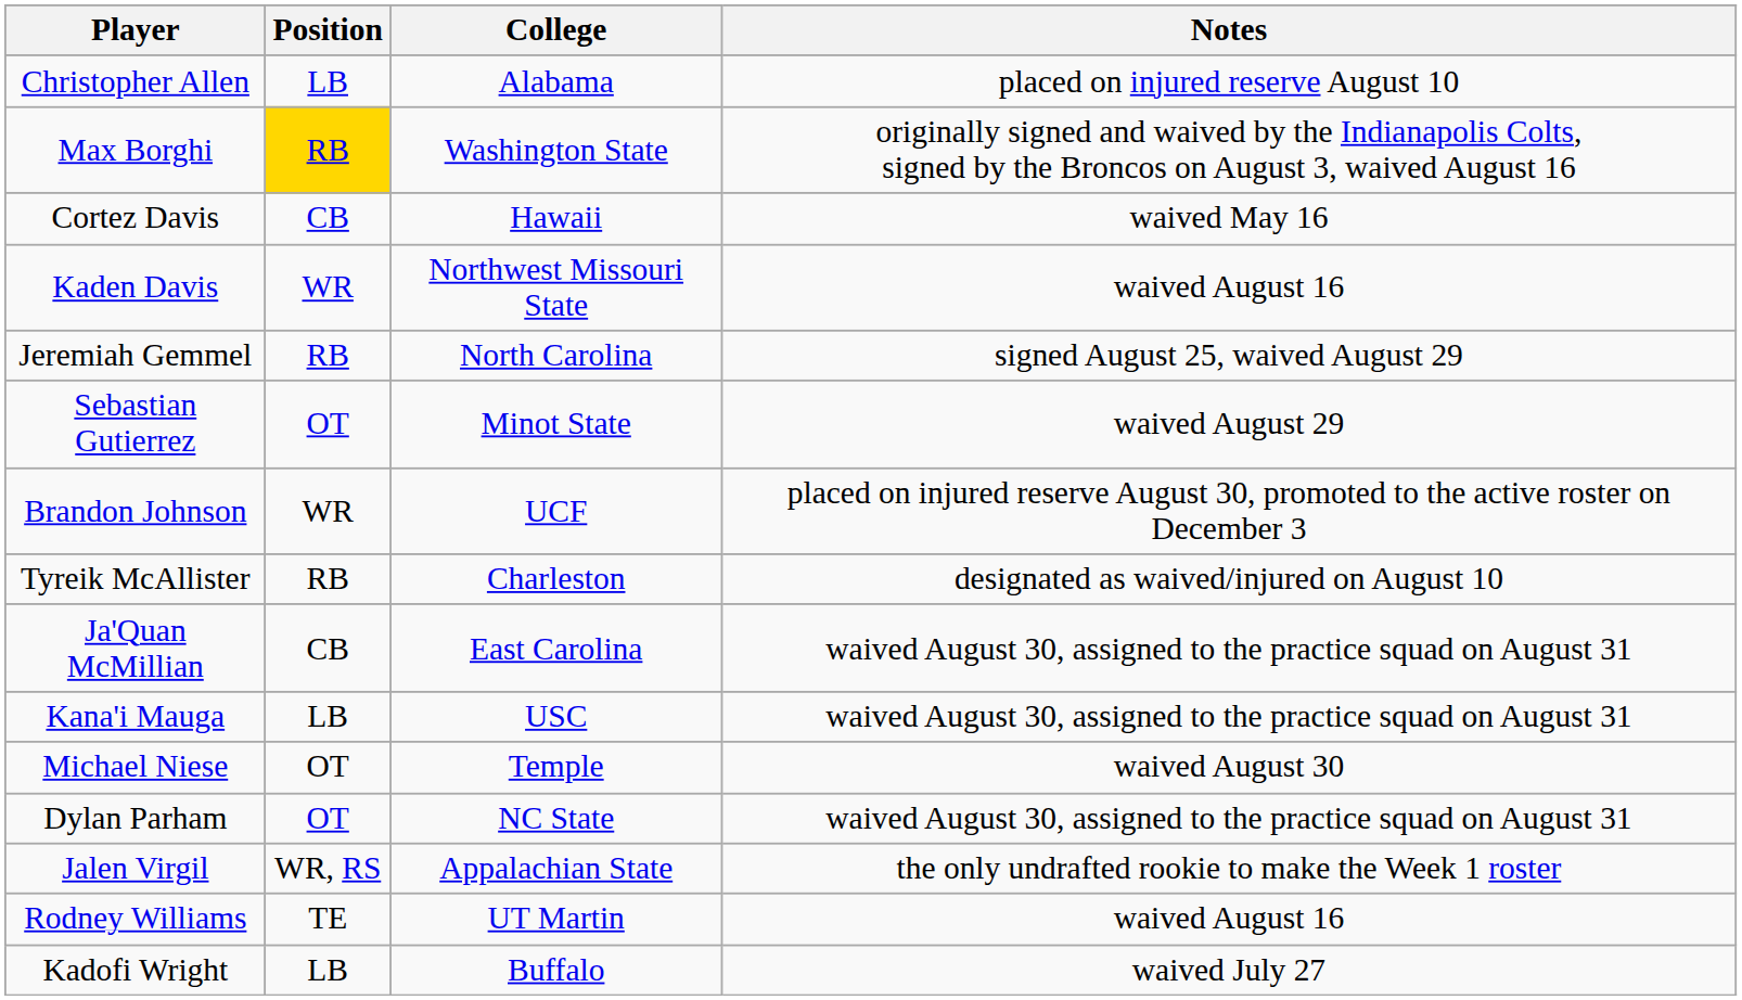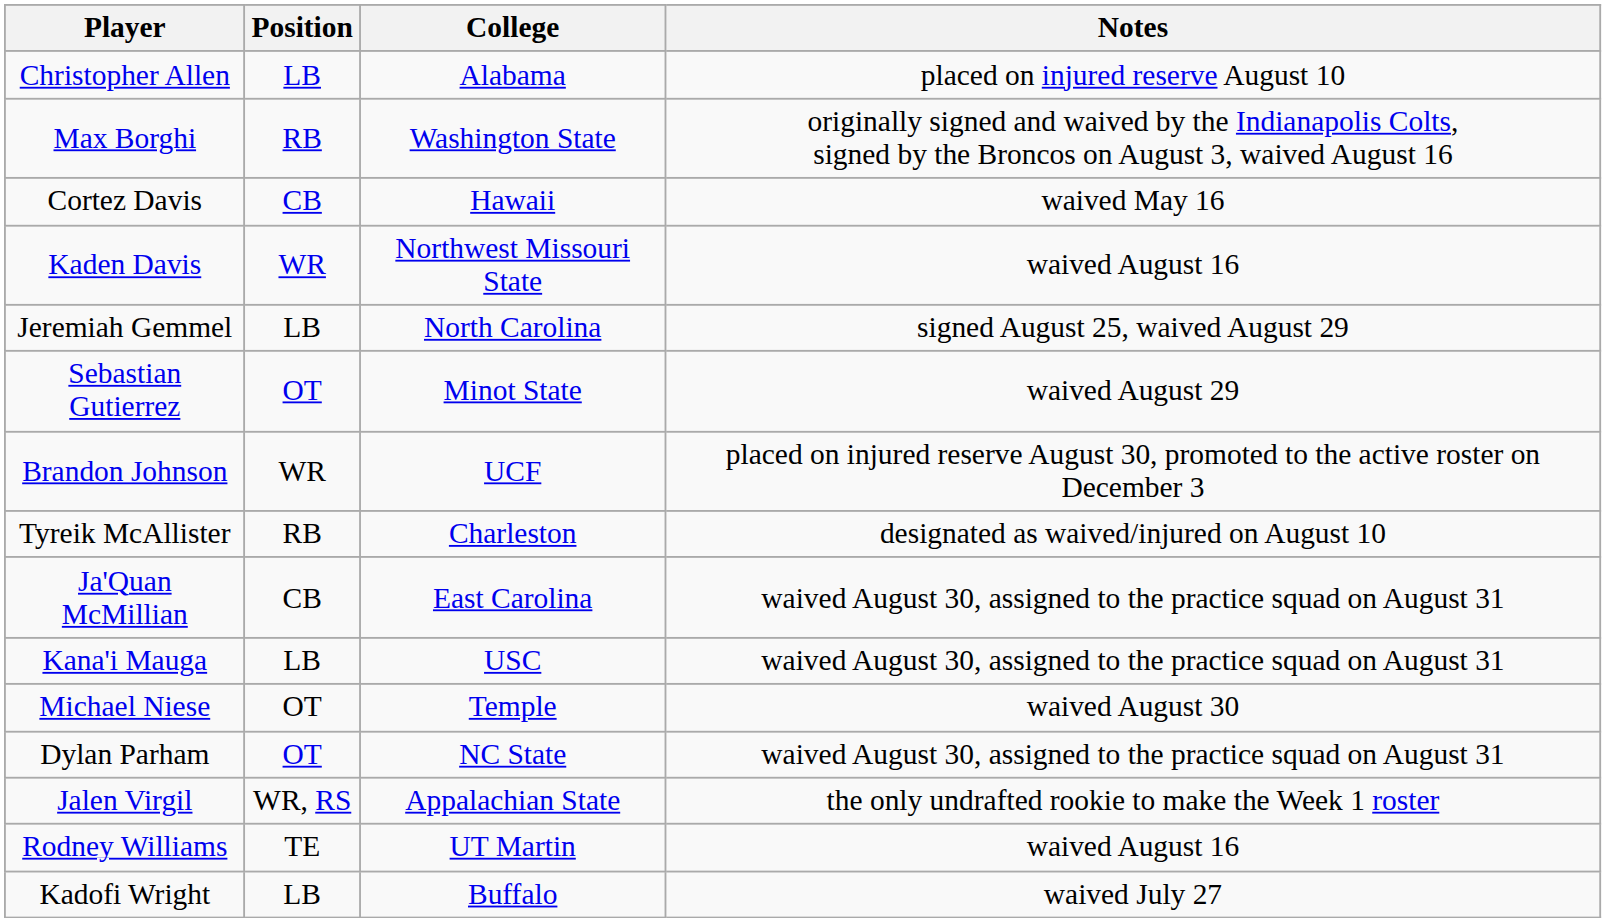 <table class="wikitable" style="text-align:center">
 <tr>
 <th>Player</th>
 <th>Position</th>
 <th>College</th>
 <th>Notes</th>
 </tr>
 <tr>
 <td><a href='#'>Christopher Allen</a></td>
 <td><a href='#'>LB</a></td>
 <td><a href='#'>Alabama</a></td>
 <td>placed on <a href='#'>injured reserve</a> August 10</td>
 </tr>
 <tr>
 <td><a href='#'>Max Borghi</a></td>
-<td style="background: gold;"><a href='#'>RB</a></td>
+<td><a href='#'>RB</a></td>
 <td><a href='#'>Washington State</a></td>
 <td>originally signed and waived by the <a href='#'>Indianapolis Colts</a>,<br>signed by the Broncos on August 3, waived August 16</td>
 </tr>
 <tr>
 <td>Cortez Davis</td>
 <td><a href='#'>CB</a></td>
 <td><a href='#'>Hawaii</a></td>
 <td>waived May 16</td>
 </tr>
 <tr>
 <td><a href='#'>Kaden Davis</a></td>
 <td><a href='#'>WR</a></td>
 <td><a href='#'>Northwest Missouri State</a></td>
 <td>waived August 16</td>
 </tr>
 <tr>
 <td>Jeremiah Gemmel</td>
-<td><a href='#'>RB</a></td>
+<td>LB</td>
 <td><a href='#'>North Carolina</a></td>
 <td>signed August 25, waived August 29</td>
 </tr>
 <tr>
 <td><a href='#'>Sebastian Gutierrez</a></td>
 <td><a href='#'>OT</a></td>
 <td><a href='#'>Minot State</a></td>
 <td>waived August 29</td>
 </tr>
 <tr>
 <td><a href='#'>Brandon Johnson</a></td>
 <td>WR</td>
 <td><a href='#'>UCF</a></td>
 <td>placed on injured reserve August 30, promoted to the active roster on December 3</td>
 </tr>
 <tr>
 <td>Tyreik McAllister</td>
 <td>RB</td>
 <td><a href='#'>Charleston</a></td>
 <td>designated as waived/injured on August 10</td>
 </tr>
 <tr>
 <td><a href='#'>Ja'Quan McMillian</a></td>
 <td>CB</td>
 <td><a href='#'>East Carolina</a></td>
 <td>waived August 30, assigned to the practice squad on August 31</td>
 </tr>
 <tr>
 <td><a href='#'>Kana'i Mauga</a></td>
 <td>LB</td>
 <td><a href='#'>USC</a></td>
 <td>waived August 30, assigned to the practice squad on August 31</td>
 </tr>
 <tr>
 <td><a href='#'>Michael Niese</a></td>
 <td>OT</td>
 <td><a href='#'>Temple</a></td>
 <td>waived August 30</td>
 </tr>
 <tr>
 <td>Dylan Parham</td>
 <td><a href='#'>OT</a></td>
 <td><a href='#'>NC State</a></td>
 <td>waived August 30, assigned to the practice squad on August 31</td>
 </tr>
 <tr>
 <td><a href='#'>Jalen Virgil</a></td>
 <td>WR, <a href='#'>RS</a></td>
 <td><a href='#'>Appalachian State</a></td>
 <td>the only undrafted rookie to make the Week 1 <a href='#'>roster</a></td>
 </tr>
 <tr>
 <td><a href='#'>Rodney Williams</a></td>
 <td>TE</td>
 <td><a href='#'>UT Martin</a></td>
 <td>waived August 16</td>
 </tr>
 <tr>
 <td>Kadofi Wright</td>
 <td>LB</td>
 <td><a href='#'>Buffalo</a></td>
 <td>waived July 27</td>
 </tr>
 </table>
